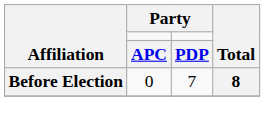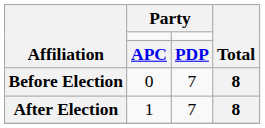 <table class=wikitable style="text-align:center">
 <tr style="vertical-align:bottom;">
 <th rowspan=3>Affiliation</th>
 <th colspan=2>Party</th>
 <th rowspan=3>Total</th>
 </tr>
 <tr>
 <td style="background-color:"></td>
 <td style="background-color:"></td>
 </tr>
 <tr>
 <th><a href='#'>APC</a></th>
 <th><a href='#'>PDP</a></th>
 </tr>
 <tr>
 <th>Before Election</th>
 <td>0</td>
 <td>7</td>
 <th>8</th>
 </tr>
 <tr>
+<th>After Election</th>
+<td>1</td>
+<td>7</td>
+<th>8</th>
+</tr>
+<tr>
 </tr>
 </table>
